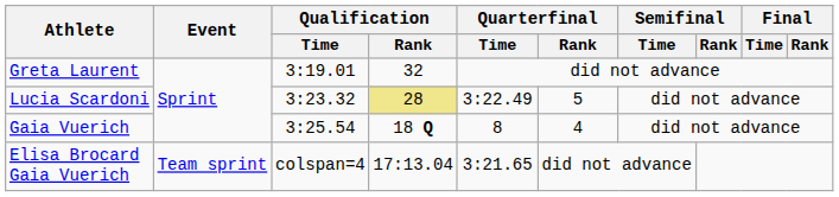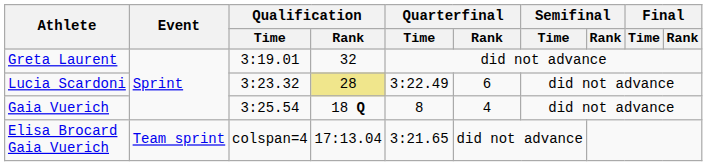 <table class="wikitable" style="font-size:90%">
 <tr>
 <th rowspan="2">Athlete</th>
 <th rowspan="2">Event</th>
 <th colspan="2">Qualification</th>
 <th colspan="2">Quarterfinal</th>
 <th colspan="2">Semifinal</th>
 <th colspan="2">Final</th>
 </tr>
 <tr style="font-size:95%">
 <th>Time</th>
 <th>Rank</th>
 <th>Time</th>
 <th>Rank</th>
 <th>Time</th>
 <th>Rank</th>
 <th>Time</th>
 <th>Rank</th>
 </tr>
 <tr align=center>
 <td align=left><a href='#'>Greta Laurent</a></td>
 <td align=left rowspan=3><a href='#'>Sprint</a></td>
 <td>3:19.01</td>
 <td>32</td>
 <td colspan=6>did not advance</td>
 </tr>
 <tr align=center>
 <td align=left><a href='#'>Lucia Scardoni</a></td>
 <td>3:23.32</td>
 <td style="background: khaki;">28</td>
 <td>3:22.49</td>
-<td>5</td>
+<td>6</td>
 <td colspan=4>did not advance</td>
 </tr>
 <tr align=center>
 <td align=left><a href='#'>Gaia Vuerich</a></td>
 <td>3:25.54</td>
 <td>18 <strong>Q</strong></td>
 <td>8</td>
 <td>4</td>
 <td colspan=4>did not advance</td>
 </tr>
 <tr align=center>
 <td align=left><a href='#'>Elisa Brocard</a><br><a href='#'>Gaia Vuerich</a></td>
 <td align=left><a href='#'>Team sprint</a></td>
 <td>colspan=4 </td>
 <td>17:13.04</td>
 <td>3:21.65</td>
 <td colspan=2>did not advance</td>
 </tr>
 </table>
